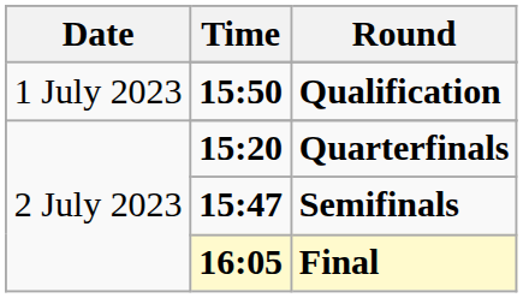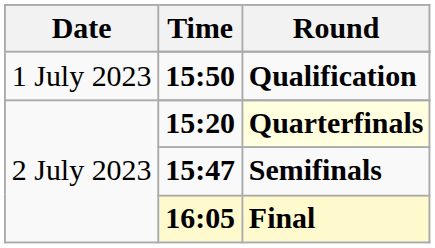 <table class="wikitable">
 <tr>
 <th>Date</th>
 <th>Time</th>
 <th>Round</th>
 </tr>
 <tr>
 <td rowspan=2>1 July 2023</td>
 </tr>
 <tr>
 <td><strong>15:50</strong></td>
 <td><strong>Qualification</strong></td>
 </tr>
 <tr>
 <td rowspan=4>2 July 2023</td>
 </tr>
 <tr>
 <td><strong>15:20</strong></td>
-<td><strong>Quarterfinals</strong></td>
+<td style="background: lightyellow;"><strong>Quarterfinals</strong></td>
 </tr>
 <tr>
 <td><strong>15:47</strong></td>
 <td><strong>Semifinals</strong></td>
 </tr>
 <tr style=background:lemonchiffon>
 <td><strong>16:05</strong></td>
 <td><strong>Final</strong></td>
 </tr>
 </table>
